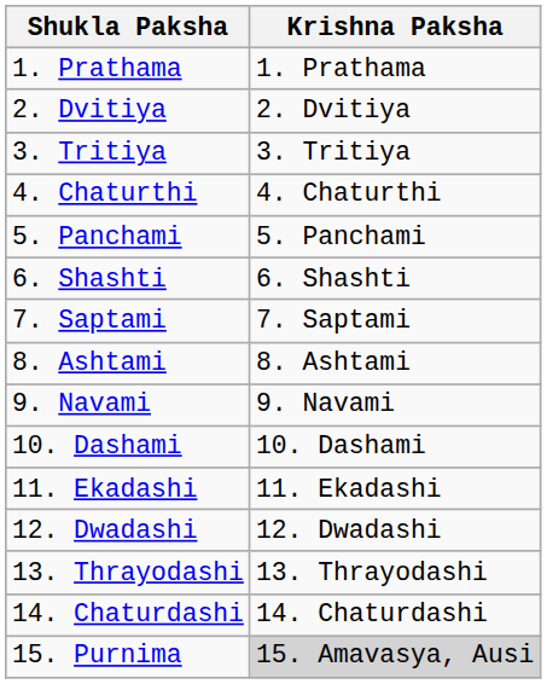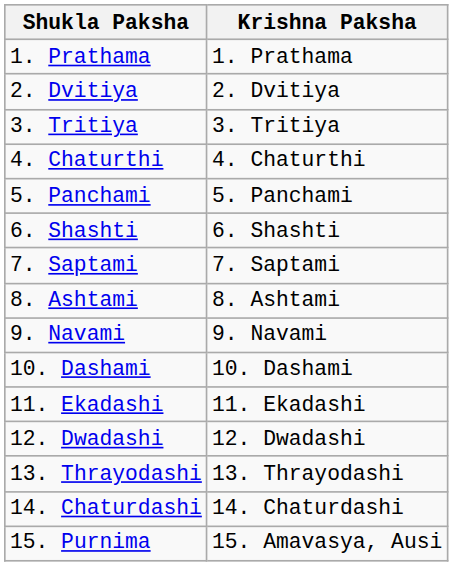 <table class="wikitable">
 <tr>
 <th>Shukla Paksha</th>
 <th>Krishna Paksha</th>
 </tr>
 <tr>
 <td>1. <a href='#'>Prathama</a></td>
 <td>1. Prathama</td>
 </tr>
 <tr>
 <td>2. <a href='#'>Dvitiya</a></td>
 <td>2. Dvitiya</td>
 </tr>
 <tr>
 <td>3. <a href='#'>Tritiya</a></td>
 <td>3. Tritiya</td>
 </tr>
 <tr>
 <td>4. <a href='#'>Chaturthi</a></td>
 <td>4. Chaturthi</td>
 </tr>
 <tr>
 <td>5. <a href='#'>Panchami</a></td>
 <td>5. Panchami</td>
 </tr>
 <tr>
 <td>6. <a href='#'>Shashti</a></td>
 <td>6. Shashti</td>
 </tr>
 <tr>
 <td>7. <a href='#'>Saptami</a></td>
 <td>7. Saptami</td>
 </tr>
 <tr>
 <td>8. <a href='#'>Ashtami</a></td>
 <td>8. Ashtami</td>
 </tr>
 <tr>
 <td>9. <a href='#'>Navami</a></td>
 <td>9. Navami</td>
 </tr>
 <tr>
 <td>10. <a href='#'>Dashami</a></td>
 <td>10. Dashami</td>
 </tr>
 <tr>
 <td>11. <a href='#'>Ekadashi</a></td>
 <td>11. Ekadashi</td>
 </tr>
 <tr>
 <td>12. <a href='#'>Dwadashi</a></td>
 <td>12. Dwadashi</td>
 </tr>
 <tr>
 <td>13. <a href='#'>Thrayodashi</a></td>
 <td>13. Thrayodashi</td>
 </tr>
 <tr>
 <td>14. <a href='#'>Chaturdashi</a></td>
 <td>14. Chaturdashi</td>
 </tr>
 <tr>
 <td>15. <a href='#'>Purnima</a></td>
-<td style="background: lightgrey;">15. Amavasya, Ausi</td>
+<td>15. Amavasya, Ausi</td>
 </tr>
 </table>
